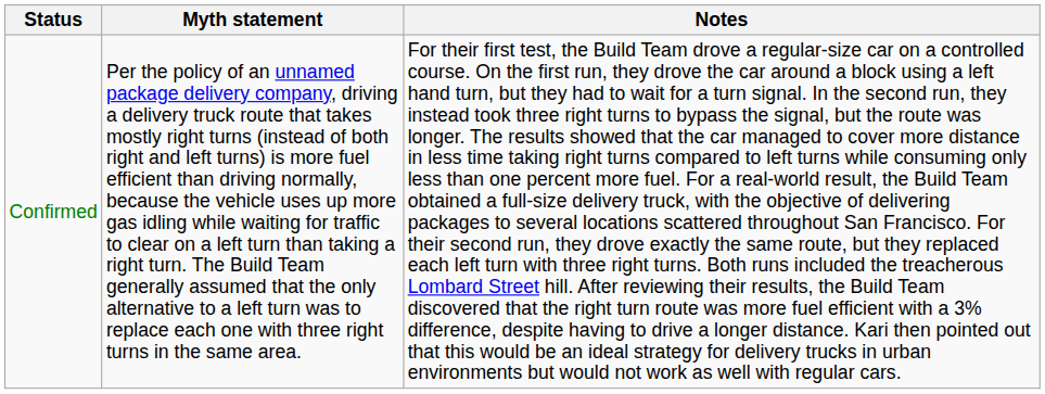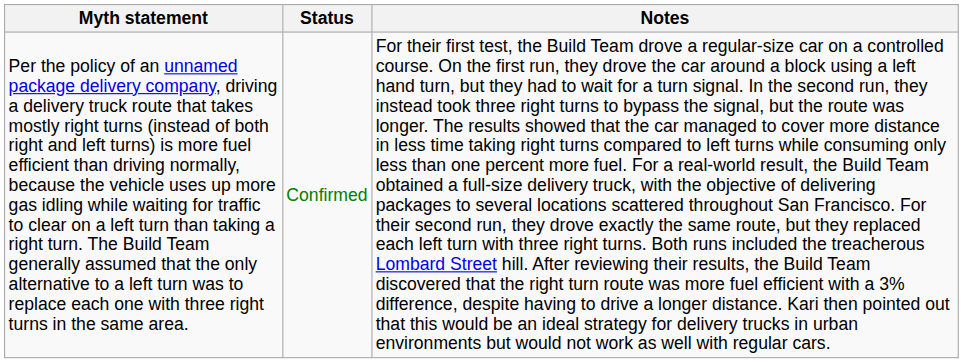 <table class="wikitable plainrowheaders">
 <tr>
+<th>Myth statement</th>
 <th>Status</th>
-<th>Myth statement</th>
 <th>Notes</th>
 </tr>
 <tr>
+<td>Per the policy of an <a href='#'>unnamed package delivery company</a>, driving a delivery truck route that takes mostly right turns (instead of both right and left turns) is more fuel efficient than driving normally, because the vehicle uses up more gas idling while waiting for traffic to clear on a left turn than taking a right turn. The Build Team generally assumed that the only alternative to a left turn was to replace each one with three right turns in the same area.</td>
 <td style="color:green">Confirmed</td>
-<td>Per the policy of an <a href='#'>unnamed package delivery company</a>, driving a delivery truck route that takes mostly right turns (instead of both right and left turns) is more fuel efficient than driving normally, because the vehicle uses up more gas idling while waiting for traffic to clear on a left turn than taking a right turn. The Build Team generally assumed that the only alternative to a left turn was to replace each one with three right turns in the same area.</td>
 <td>For their first test, the Build Team drove a regular-size car on a controlled course. On the first run, they drove the car around a block using a left hand turn, but they had to wait for a turn signal. In the second run, they instead took three right turns to bypass the signal, but the route was longer. The results showed that the car managed to cover more distance in less time taking right turns compared to left turns while consuming only less than one percent more fuel. For a real-world result, the Build Team obtained a full-size delivery truck, with the objective of delivering packages to several locations scattered throughout San Francisco. For their second run, they drove exactly the same route, but they replaced each left turn with three right turns. Both runs included the treacherous <a href='#'>Lombard Street</a> hill. After reviewing their results, the Build Team discovered that the right turn route was more fuel efficient with a 3% difference, despite having to drive a longer distance. Kari then pointed out that this would be an ideal strategy for delivery trucks in urban environments but would not work as well with regular cars.</td>
 </tr>
 </table>
